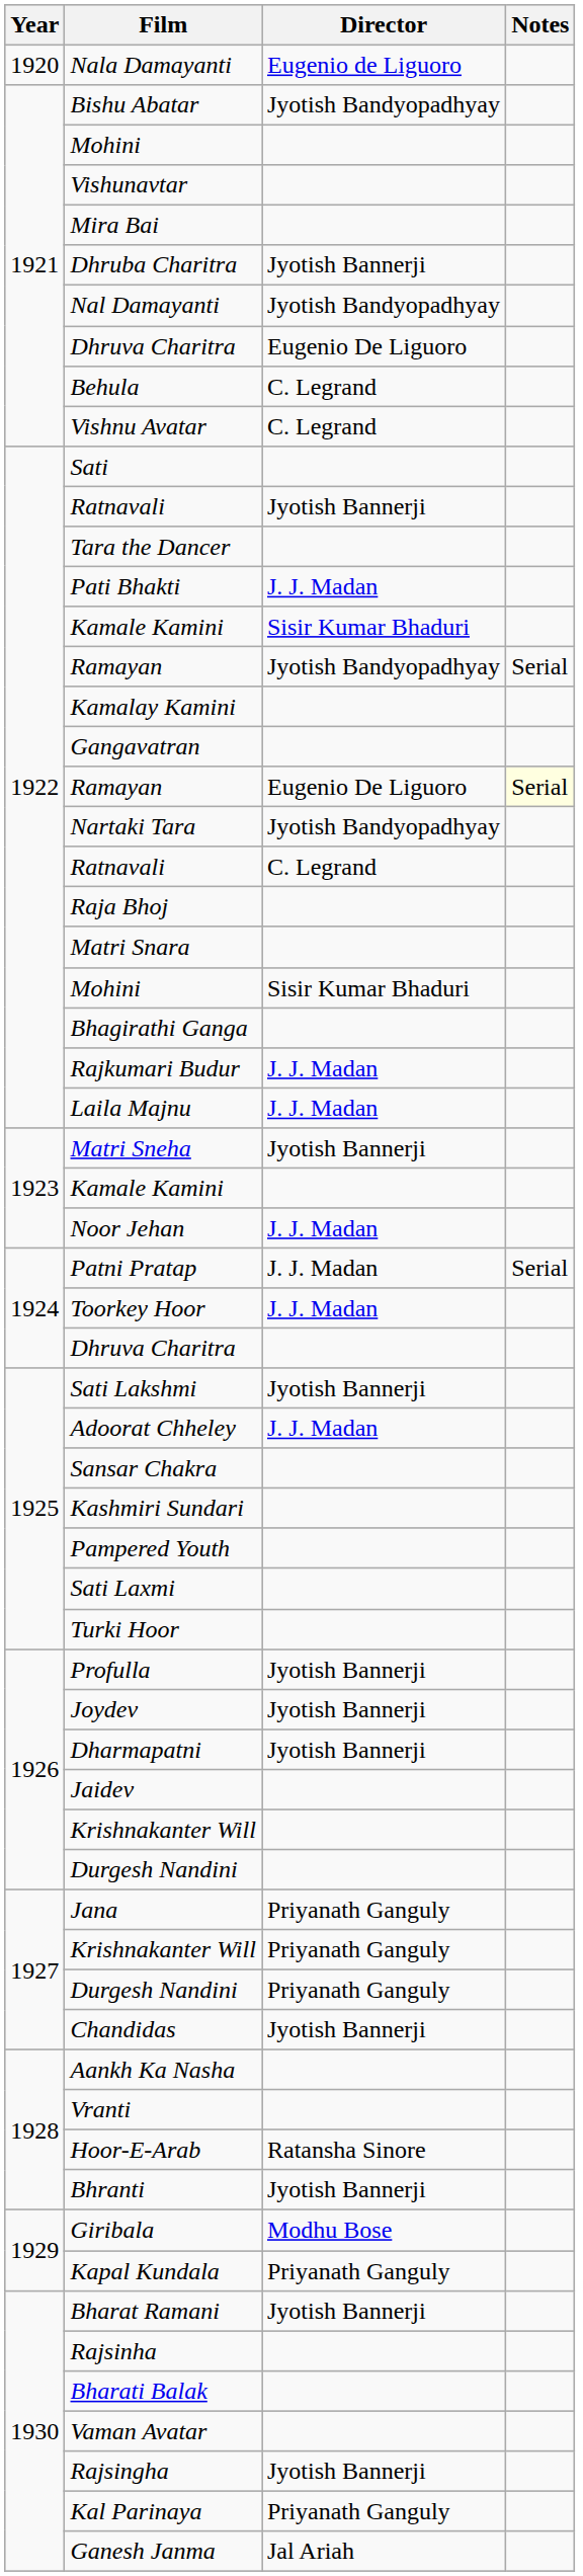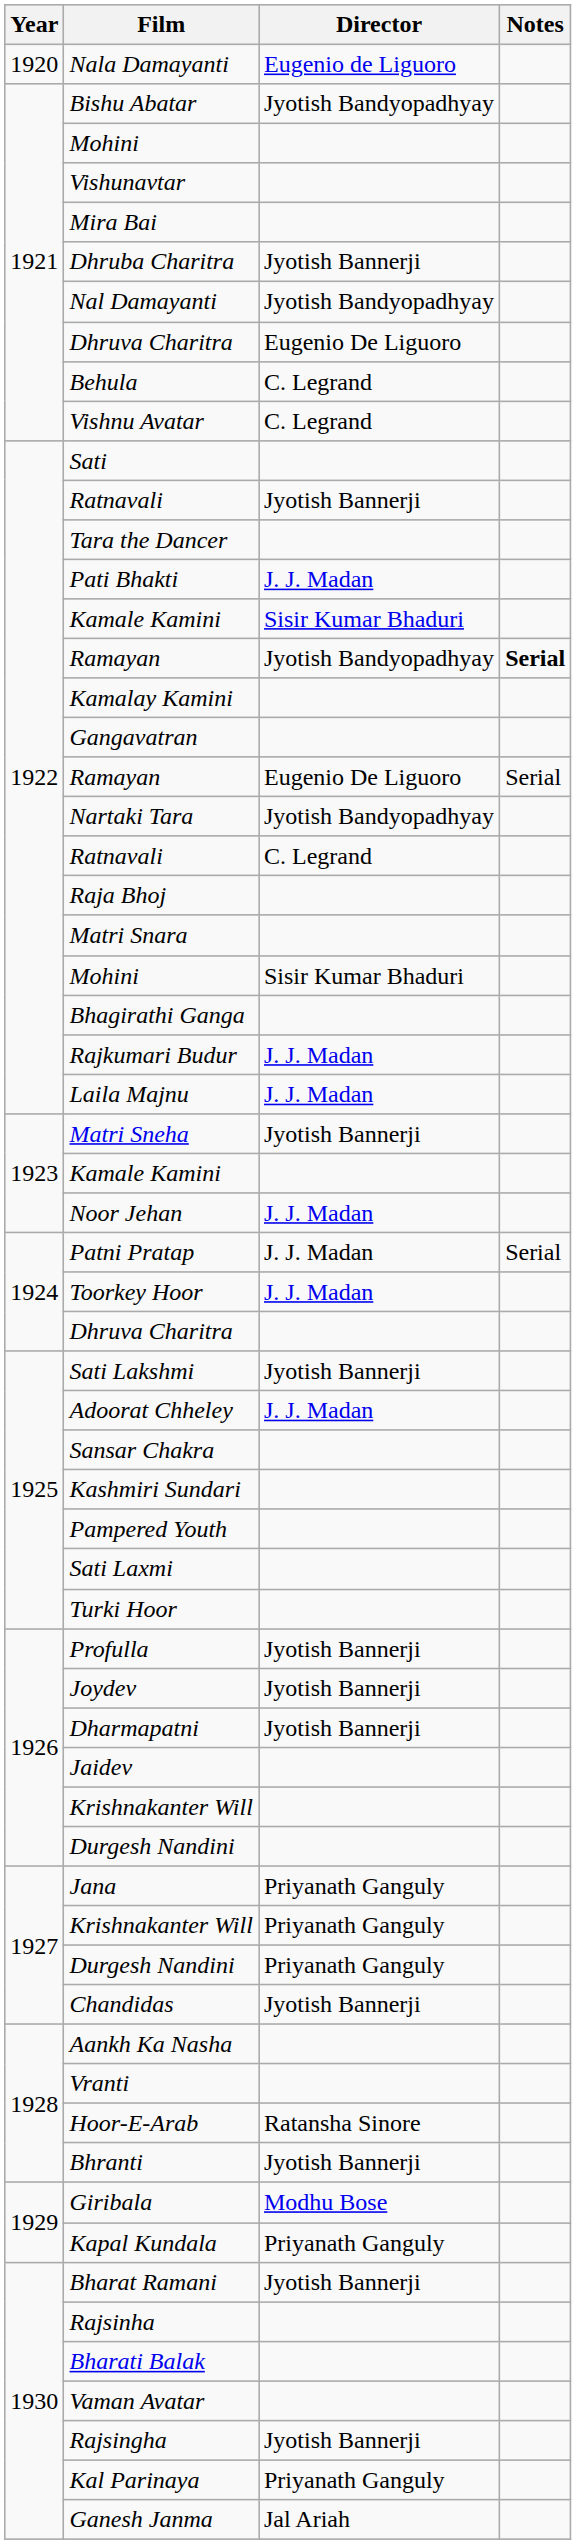 <table class="wikitable" style="font-size: 95%;">
 <tr>
 <th>Year</th>
 <th>Film</th>
 <th>Director</th>
 <th>Notes</th>
 </tr>
 <tr>
 <td>1920</td>
 <td><em>Nala Damayanti</em></td>
 <td><a href='#'>Eugenio de Liguoro</a></td>
 <td></td>
 </tr>
 <tr>
 <td rowspan="9">1921</td>
 <td><em>Bishu Abatar</em></td>
 <td>Jyotish Bandyopadhyay</td>
 <td></td>
 </tr>
 <tr>
 <td><em>Mohini</em></td>
 <td></td>
 <td></td>
 </tr>
 <tr>
 <td><em>Vishunavtar</em></td>
 <td></td>
 <td></td>
 </tr>
 <tr>
 <td><em>Mira Bai</em></td>
 <td></td>
 <td></td>
 </tr>
 <tr>
 <td><em>Dhruba Charitra</em></td>
 <td>Jyotish Bannerji</td>
 <td></td>
 </tr>
 <tr>
 <td><em>Nal Damayanti</em></td>
 <td>Jyotish Bandyopadhyay</td>
 <td></td>
 </tr>
 <tr>
 <td><em>Dhruva Charitra</em></td>
 <td>Eugenio De Liguoro</td>
 <td></td>
 </tr>
 <tr>
 <td><em>Behula</em></td>
 <td>C. Legrand</td>
 <td></td>
 </tr>
 <tr>
 <td><em>Vishnu Avatar</em></td>
 <td>C. Legrand</td>
 <td></td>
 </tr>
 <tr>
 <td rowspan="17">1922</td>
 <td><em>Sati</em></td>
 <td></td>
 <td></td>
 </tr>
 <tr>
 <td><em>Ratnavali</em></td>
 <td>Jyotish Bannerji</td>
 <td></td>
 </tr>
 <tr>
 <td><em>Tara the Dancer</em></td>
 <td></td>
 <td></td>
 </tr>
 <tr>
 <td><em>Pati Bhakti</em></td>
 <td><a href='#'>J. J. Madan</a></td>
 <td></td>
 </tr>
 <tr>
 <td><em>Kamale Kamini</em></td>
 <td><a href='#'>Sisir Kumar Bhaduri</a></td>
 <td></td>
 </tr>
 <tr>
 <td><em>Ramayan</em></td>
 <td>Jyotish Bandyopadhyay</td>
-<td>Serial</td>
+<td><strong>Serial</strong></td>
 </tr>
 <tr>
 <td><em>Kamalay Kamini</em></td>
 <td></td>
 <td></td>
 </tr>
 <tr>
 <td><em>Gangavatran</em></td>
 <td></td>
 <td></td>
 </tr>
 <tr>
 <td><em>Ramayan</em></td>
 <td>Eugenio De Liguoro</td>
-<td style="background: lightyellow;">Serial</td>
+<td>Serial</td>
 </tr>
 <tr>
 <td><em>Nartaki Tara</em></td>
 <td>Jyotish Bandyopadhyay</td>
 <td></td>
 </tr>
 <tr>
 <td><em>Ratnavali</em></td>
 <td>C. Legrand</td>
 <td></td>
 </tr>
 <tr>
 <td><em>Raja Bhoj</em></td>
 <td></td>
 <td></td>
 </tr>
 <tr>
 <td><em>Matri Snara</em></td>
 <td></td>
 <td></td>
 </tr>
 <tr>
 <td><em>Mohini</em></td>
 <td>Sisir Kumar Bhaduri</td>
 <td></td>
 </tr>
 <tr>
 <td><em>Bhagirathi Ganga</em></td>
 <td></td>
 <td></td>
 </tr>
 <tr>
 <td><em>Rajkumari Budur</em></td>
 <td><a href='#'>J. J. Madan</a></td>
 <td></td>
 </tr>
 <tr>
 <td><em>Laila Majnu</em></td>
 <td><a href='#'>J. J. Madan</a></td>
 <td></td>
 </tr>
 <tr>
 <td rowspan="3">1923</td>
 <td><em><a href='#'>Matri Sneha</a></em></td>
 <td>Jyotish Bannerji</td>
 <td></td>
 </tr>
 <tr>
 <td><em>Kamale Kamini</em></td>
 <td></td>
 <td></td>
 </tr>
 <tr>
 <td><em>Noor Jehan</em></td>
 <td><a href='#'>J. J. Madan</a></td>
 <td></td>
 </tr>
 <tr>
 <td rowspan="3">1924</td>
 <td><em>Patni Pratap</em></td>
 <td>J. J. Madan</td>
 <td>Serial</td>
 </tr>
 <tr>
 <td><em>Toorkey Hoor</em></td>
 <td><a href='#'>J. J. Madan</a></td>
 <td></td>
 </tr>
 <tr>
 <td><em>Dhruva Charitra</em></td>
 <td></td>
 <td></td>
 </tr>
 <tr>
 <td rowspan="7">1925</td>
 <td><em>Sati Lakshmi</em></td>
 <td>Jyotish Bannerji</td>
 <td></td>
 </tr>
 <tr>
 <td><em>Adoorat Chheley</em></td>
 <td><a href='#'>J. J. Madan</a></td>
 <td></td>
 </tr>
 <tr>
 <td><em>Sansar Chakra</em></td>
 <td></td>
 <td></td>
 </tr>
 <tr>
 <td><em>Kashmiri Sundari</em></td>
 <td></td>
 <td></td>
 </tr>
 <tr>
 <td><em>Pampered Youth</em></td>
 <td></td>
 <td></td>
 </tr>
 <tr>
 <td><em>Sati Laxmi</em></td>
 <td></td>
 <td></td>
 </tr>
 <tr>
 <td><em>Turki Hoor</em></td>
 <td></td>
 <td></td>
 </tr>
 <tr>
 <td rowspan="6">1926</td>
 <td><em>Profulla</em></td>
 <td>Jyotish Bannerji</td>
 <td></td>
 </tr>
 <tr>
 <td><em>Joydev</em></td>
 <td>Jyotish Bannerji</td>
 <td></td>
 </tr>
 <tr>
 <td><em>Dharmapatni</em></td>
 <td>Jyotish Bannerji</td>
 <td></td>
 </tr>
 <tr>
 <td><em>Jaidev</em></td>
 <td></td>
 <td></td>
 </tr>
 <tr>
 <td><em>Krishnakanter Will</em></td>
 <td></td>
 <td></td>
 </tr>
 <tr>
 <td><em>Durgesh Nandini</em></td>
 <td></td>
 <td></td>
 </tr>
 <tr>
 <td rowspan="4">1927</td>
 <td><em>Jana</em></td>
 <td>Priyanath Ganguly</td>
 <td></td>
 </tr>
 <tr>
 <td><em>Krishnakanter Will</em></td>
 <td>Priyanath Ganguly</td>
 <td></td>
 </tr>
 <tr>
 <td><em>Durgesh Nandini</em></td>
 <td>Priyanath Ganguly</td>
 <td></td>
 </tr>
 <tr>
 <td><em>Chandidas</em></td>
 <td>Jyotish Bannerji</td>
 <td></td>
 </tr>
 <tr>
 <td rowspan="4">1928</td>
 <td><em>Aankh Ka Nasha</em></td>
 <td></td>
 <td></td>
 </tr>
 <tr>
 <td><em>Vranti</em></td>
 <td></td>
 <td></td>
 </tr>
 <tr>
 <td><em>Hoor-E-Arab</em></td>
 <td>Ratansha Sinore</td>
 <td></td>
 </tr>
 <tr>
 <td><em>Bhranti</em></td>
 <td>Jyotish Bannerji</td>
 <td></td>
 </tr>
 <tr>
 <td rowspan="2">1929</td>
 <td><em>Giribala</em></td>
 <td><a href='#'>Modhu Bose</a></td>
 <td></td>
 </tr>
 <tr>
 <td><em>Kapal Kundala</em></td>
 <td>Priyanath Ganguly</td>
 <td></td>
 </tr>
 <tr>
 <td rowspan="7">1930</td>
 <td><em>Bharat Ramani</em></td>
 <td>Jyotish Bannerji</td>
 <td></td>
 </tr>
 <tr>
 <td><em>Rajsinha</em></td>
 <td></td>
 <td></td>
 </tr>
 <tr>
 <td><em><a href='#'>Bharati Balak</a></em></td>
 <td></td>
 <td></td>
 </tr>
 <tr>
 <td><em>Vaman Avatar</em></td>
 <td></td>
 <td></td>
 </tr>
 <tr>
 <td><em>Rajsingha</em></td>
 <td>Jyotish Bannerji</td>
 <td></td>
 </tr>
 <tr>
 <td><em>Kal Parinaya</em></td>
 <td>Priyanath Ganguly</td>
 <td></td>
 </tr>
 <tr>
 <td><em>Ganesh Janma</em></td>
 <td>Jal Ariah</td>
 <td></td>
 </tr>
 </table>
